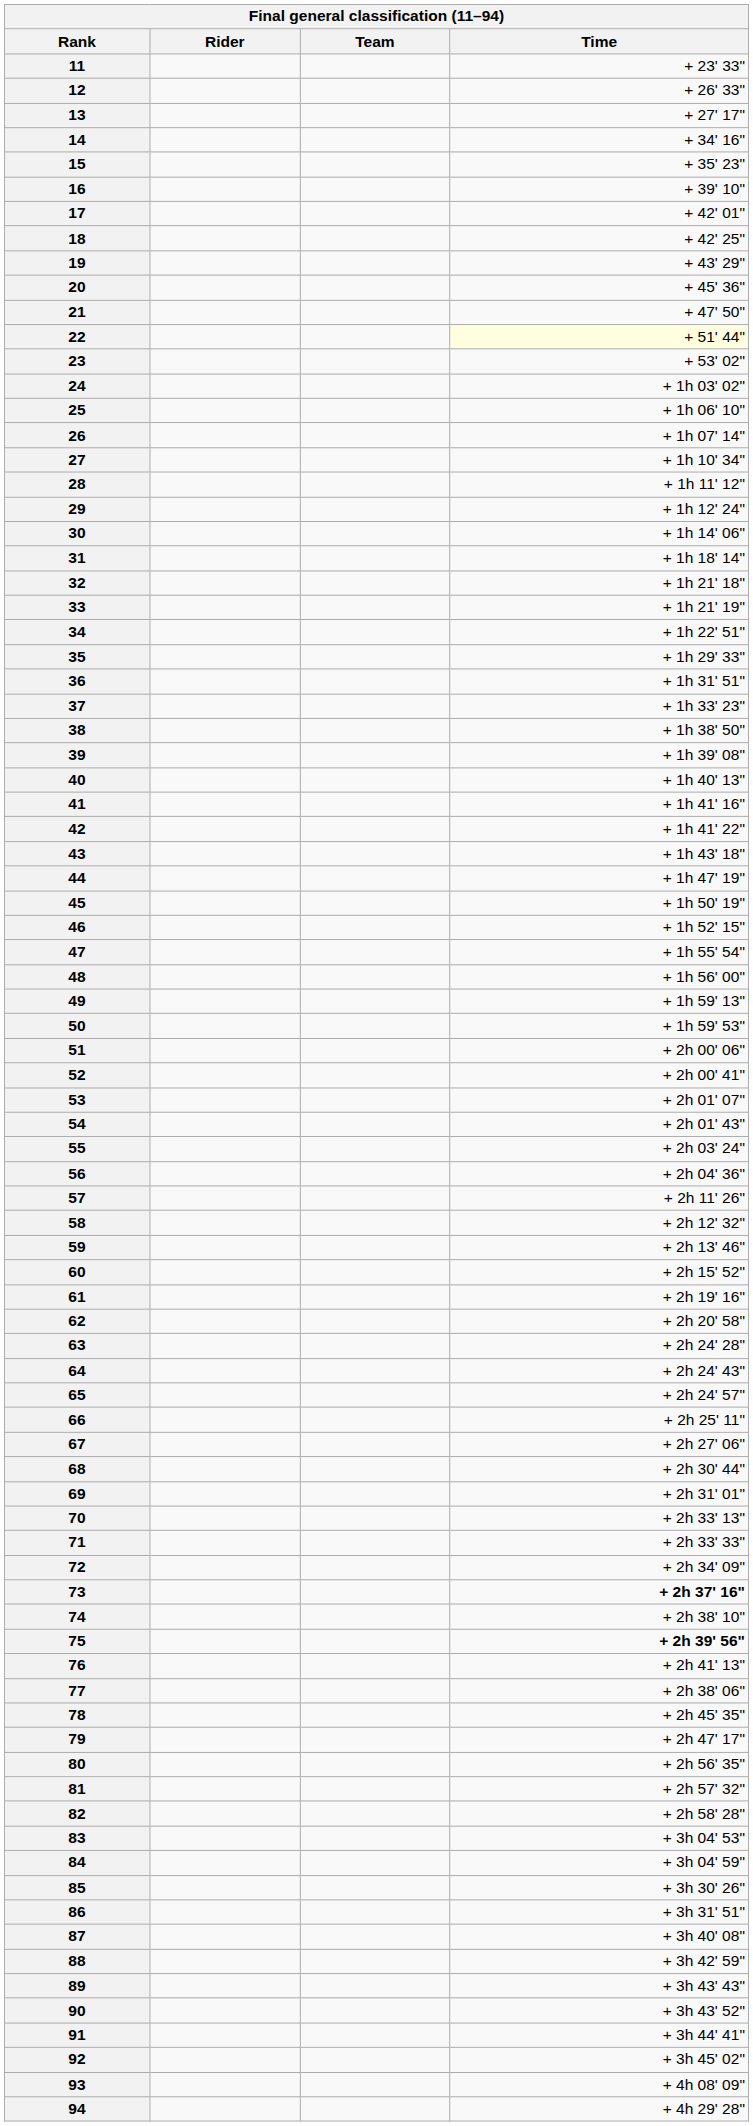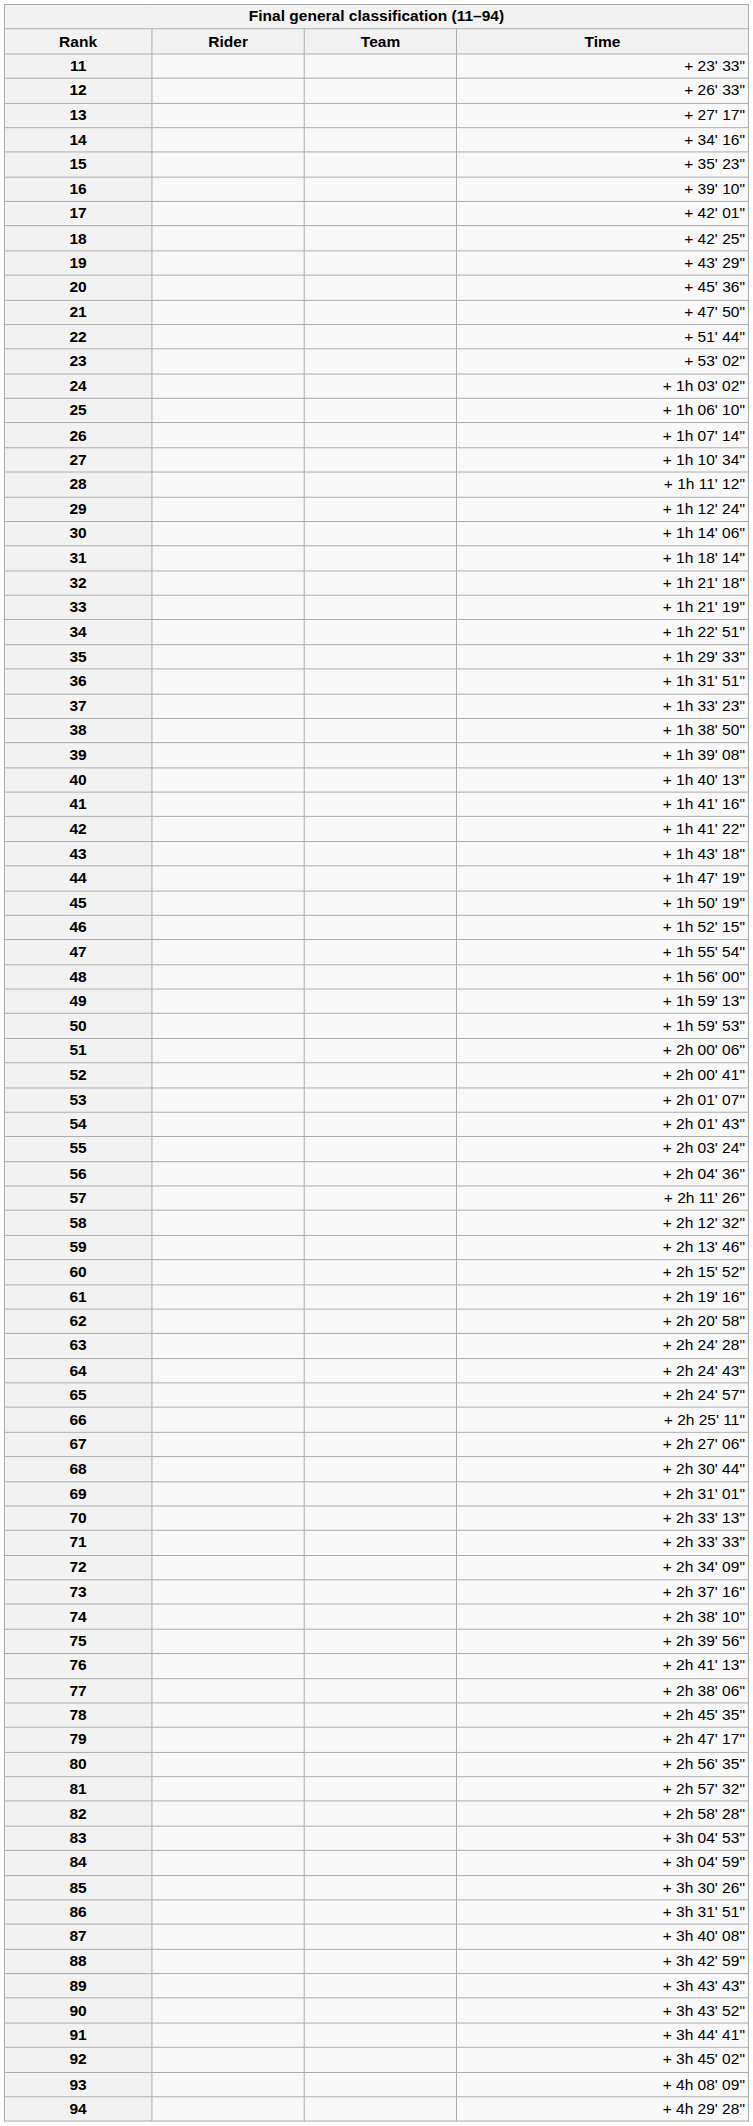 <table class="collapsible collapsed wikitable" style="width:48em;margin-top:-1px;">
 <tr>
 <th scope="col" colspan="4">Final general classification (11–94)</th>
 </tr>
 <tr>
 <th scope="col">Rank</th>
 <th scope="col">Rider</th>
 <th scope="col">Team</th>
 <th scope="col">Time</th>
 </tr>
 <tr>
 <th scope="row">11</th>
 <td></td>
 <td></td>
 <td style="text-align:right;">+ 23' 33"</td>
 </tr>
 <tr>
 <th scope="row">12</th>
 <td></td>
 <td></td>
 <td style="text-align:right;">+ 26' 33"</td>
 </tr>
 <tr>
 <th scope="row">13</th>
 <td></td>
 <td></td>
 <td style="text-align:right;">+ 27' 17"</td>
 </tr>
 <tr>
 <th scope="row">14</th>
 <td></td>
 <td></td>
 <td style="text-align:right;">+ 34' 16"</td>
 </tr>
 <tr>
 <th scope="row">15</th>
 <td></td>
 <td></td>
 <td style="text-align:right;">+ 35' 23"</td>
 </tr>
 <tr>
 <th scope="row">16</th>
 <td></td>
 <td></td>
 <td style="text-align:right;">+ 39' 10"</td>
 </tr>
 <tr>
 <th scope="row">17</th>
 <td></td>
 <td></td>
 <td style="text-align:right;">+ 42' 01"</td>
 </tr>
 <tr>
 <th scope="row">18</th>
 <td></td>
 <td></td>
 <td style="text-align:right;">+ 42' 25"</td>
 </tr>
 <tr>
 <th scope="row">19</th>
 <td></td>
 <td></td>
 <td style="text-align:right;">+ 43' 29"</td>
 </tr>
 <tr>
 <th scope="row">20</th>
 <td></td>
 <td></td>
 <td style="text-align:right;">+ 45' 36"</td>
 </tr>
 <tr>
 <th scope="row">21</th>
 <td></td>
 <td></td>
 <td style="text-align:right;">+ 47' 50"</td>
 </tr>
 <tr>
 <th scope="row">22</th>
 <td></td>
 <td></td>
-<td style="background: lightyellow; text-align:right;">+ 51' 44"</td>
+<td style="text-align:right;">+ 51' 44"</td>
 </tr>
 <tr>
 <th scope="row">23</th>
 <td></td>
 <td></td>
 <td style="text-align:right;">+ 53' 02"</td>
 </tr>
 <tr>
 <th scope="row">24</th>
 <td></td>
 <td></td>
 <td style="text-align:right;">+ 1h 03' 02"</td>
 </tr>
 <tr>
 <th scope="row">25</th>
 <td></td>
 <td></td>
 <td style="text-align:right;">+ 1h 06' 10"</td>
 </tr>
 <tr>
 <th scope="row">26</th>
 <td></td>
 <td></td>
 <td style="text-align:right;">+ 1h 07' 14"</td>
 </tr>
 <tr>
 <th scope="row">27</th>
 <td></td>
 <td></td>
 <td style="text-align:right;">+ 1h 10' 34"</td>
 </tr>
 <tr>
 <th scope="row">28</th>
 <td></td>
 <td></td>
 <td style="text-align:right;">+ 1h 11' 12"</td>
 </tr>
 <tr>
 <th scope="row">29</th>
 <td></td>
 <td></td>
 <td style="text-align:right;">+ 1h 12' 24"</td>
 </tr>
 <tr>
 <th scope="row">30</th>
 <td></td>
 <td></td>
 <td style="text-align:right;">+ 1h 14' 06"</td>
 </tr>
 <tr>
 <th scope="row">31</th>
 <td></td>
 <td></td>
 <td style="text-align:right;">+ 1h 18' 14"</td>
 </tr>
 <tr>
 <th scope="row">32</th>
 <td></td>
 <td></td>
 <td style="text-align:right;">+ 1h 21' 18"</td>
 </tr>
 <tr>
 <th scope="row">33</th>
 <td></td>
 <td></td>
 <td style="text-align:right;">+ 1h 21' 19"</td>
 </tr>
 <tr>
 <th scope="row">34</th>
 <td></td>
 <td></td>
 <td style="text-align:right;">+ 1h 22' 51"</td>
 </tr>
 <tr>
 <th scope="row">35</th>
 <td></td>
 <td></td>
 <td style="text-align:right;">+ 1h 29' 33"</td>
 </tr>
 <tr>
 <th scope="row">36</th>
 <td></td>
 <td></td>
 <td style="text-align:right;">+ 1h 31' 51"</td>
 </tr>
 <tr>
 <th scope="row">37</th>
 <td></td>
 <td></td>
 <td style="text-align:right;">+ 1h 33' 23"</td>
 </tr>
 <tr>
 <th scope="row">38</th>
 <td></td>
 <td></td>
 <td style="text-align:right;">+ 1h 38' 50"</td>
 </tr>
 <tr>
 <th scope="row">39</th>
 <td></td>
 <td></td>
 <td style="text-align:right;">+ 1h 39' 08"</td>
 </tr>
 <tr>
 <th scope="row">40</th>
 <td></td>
 <td></td>
 <td style="text-align:right;">+ 1h 40' 13"</td>
 </tr>
 <tr>
 <th scope="row">41</th>
 <td></td>
 <td></td>
 <td style="text-align:right;">+ 1h 41' 16"</td>
 </tr>
 <tr>
 <th scope="row">42</th>
 <td></td>
 <td></td>
 <td style="text-align:right;">+ 1h 41' 22"</td>
 </tr>
 <tr>
 <th scope="row">43</th>
 <td></td>
 <td></td>
 <td style="text-align:right;">+ 1h 43' 18"</td>
 </tr>
 <tr>
 <th scope="row">44</th>
 <td></td>
 <td></td>
 <td style="text-align:right;">+ 1h 47' 19"</td>
 </tr>
 <tr>
 <th scope="row">45</th>
 <td></td>
 <td></td>
 <td style="text-align:right;">+ 1h 50' 19"</td>
 </tr>
 <tr>
 <th scope="row">46</th>
 <td></td>
 <td></td>
 <td style="text-align:right;">+ 1h 52' 15"</td>
 </tr>
 <tr>
 <th scope="row">47</th>
 <td></td>
 <td></td>
 <td style="text-align:right;">+ 1h 55' 54"</td>
 </tr>
 <tr>
 <th scope="row">48</th>
 <td></td>
 <td></td>
 <td style="text-align:right;">+ 1h 56' 00"</td>
 </tr>
 <tr>
 <th scope="row">49</th>
 <td></td>
 <td></td>
 <td style="text-align:right;">+ 1h 59' 13"</td>
 </tr>
 <tr>
 <th scope="row">50</th>
 <td></td>
 <td></td>
 <td style="text-align:right;">+ 1h 59' 53"</td>
 </tr>
 <tr>
 <th scope="row">51</th>
 <td></td>
 <td></td>
 <td style="text-align:right;">+ 2h 00' 06"</td>
 </tr>
 <tr>
 <th scope="row">52</th>
 <td></td>
 <td></td>
 <td style="text-align:right;">+ 2h 00' 41"</td>
 </tr>
 <tr>
 <th scope="row">53</th>
 <td></td>
 <td></td>
 <td style="text-align:right;">+ 2h 01' 07"</td>
 </tr>
 <tr>
 <th scope="row">54</th>
 <td></td>
 <td></td>
 <td style="text-align:right;">+ 2h 01' 43"</td>
 </tr>
 <tr>
 <th scope="row">55</th>
 <td></td>
 <td></td>
 <td style="text-align:right;">+ 2h 03' 24"</td>
 </tr>
 <tr>
 <th scope="row">56</th>
 <td></td>
 <td></td>
 <td style="text-align:right;">+ 2h 04' 36"</td>
 </tr>
 <tr>
 <th scope="row">57</th>
 <td></td>
 <td></td>
 <td style="text-align:right;">+ 2h 11' 26"</td>
 </tr>
 <tr>
 <th scope="row">58</th>
 <td></td>
 <td></td>
 <td style="text-align:right;">+ 2h 12' 32"</td>
 </tr>
 <tr>
 <th scope="row">59</th>
 <td></td>
 <td></td>
 <td style="text-align:right;">+ 2h 13' 46"</td>
 </tr>
 <tr>
 <th scope="row">60</th>
 <td></td>
 <td></td>
 <td style="text-align:right;">+ 2h 15' 52"</td>
 </tr>
 <tr>
 <th scope="row">61</th>
 <td></td>
 <td></td>
 <td style="text-align:right;">+ 2h 19' 16"</td>
 </tr>
 <tr>
 <th scope="row">62</th>
 <td></td>
 <td></td>
 <td style="text-align:right;">+ 2h 20' 58"</td>
 </tr>
 <tr>
 <th scope="row">63</th>
 <td></td>
 <td></td>
 <td style="text-align:right;">+ 2h 24' 28"</td>
 </tr>
 <tr>
 <th scope="row">64</th>
 <td></td>
 <td></td>
 <td style="text-align:right;">+ 2h 24' 43"</td>
 </tr>
 <tr>
 <th scope="row">65</th>
 <td></td>
 <td></td>
 <td style="text-align:right;">+ 2h 24' 57"</td>
 </tr>
 <tr>
 <th scope="row">66</th>
 <td></td>
 <td></td>
 <td style="text-align:right;">+ 2h 25' 11"</td>
 </tr>
 <tr>
 <th scope="row">67</th>
 <td></td>
 <td></td>
 <td style="text-align:right;">+ 2h 27' 06"</td>
 </tr>
 <tr>
 <th scope="row">68</th>
 <td></td>
 <td></td>
 <td style="text-align:right;">+ 2h 30' 44"</td>
 </tr>
 <tr>
 <th scope="row">69</th>
 <td></td>
 <td></td>
 <td style="text-align:right;">+ 2h 31' 01"</td>
 </tr>
 <tr>
 <th scope="row">70</th>
 <td></td>
 <td></td>
 <td style="text-align:right;">+ 2h 33' 13"</td>
 </tr>
 <tr>
 <th scope="row">71</th>
 <td></td>
 <td></td>
 <td style="text-align:right;">+ 2h 33' 33"</td>
 </tr>
 <tr>
 <th scope="row">72</th>
 <td></td>
 <td></td>
 <td style="text-align:right;">+ 2h 34' 09"</td>
 </tr>
 <tr>
 <th scope="row">73</th>
 <td></td>
 <td></td>
-<td style="text-align:right;"><strong>+ 2h 37' 16"</strong></td>
+<td style="text-align:right;">+ 2h 37' 16"</td>
 </tr>
 <tr>
 <th scope="row">74</th>
 <td></td>
 <td></td>
 <td style="text-align:right;">+ 2h 38' 10"</td>
 </tr>
 <tr>
 <th scope="row">75</th>
 <td></td>
 <td></td>
-<td style="text-align:right;"><strong>+ 2h 39' 56"</strong></td>
+<td style="text-align:right;">+ 2h 39' 56"</td>
 </tr>
 <tr>
 <th scope="row">76</th>
 <td></td>
 <td></td>
 <td style="text-align:right;">+ 2h 41' 13"</td>
 </tr>
 <tr>
 <th scope="row">77</th>
 <td></td>
 <td></td>
 <td style="text-align:right;">+ 2h 38' 06"</td>
 </tr>
 <tr>
 <th scope="row">78</th>
 <td></td>
 <td></td>
 <td style="text-align:right;">+ 2h 45' 35"</td>
 </tr>
 <tr>
 <th scope="row">79</th>
 <td></td>
 <td></td>
 <td style="text-align:right;">+ 2h 47' 17"</td>
 </tr>
 <tr>
 <th scope="row">80</th>
 <td></td>
 <td></td>
 <td style="text-align:right;">+ 2h 56' 35"</td>
 </tr>
 <tr>
 <th scope="row">81</th>
 <td></td>
 <td></td>
 <td style="text-align:right;">+ 2h 57' 32"</td>
 </tr>
 <tr>
 <th scope="row">82</th>
 <td></td>
 <td></td>
 <td style="text-align:right;">+ 2h 58' 28"</td>
 </tr>
 <tr>
 <th scope="row">83</th>
 <td></td>
 <td></td>
 <td style="text-align:right;">+ 3h 04' 53"</td>
 </tr>
 <tr>
 <th scope="row">84</th>
 <td></td>
 <td></td>
 <td style="text-align:right;">+ 3h 04' 59"</td>
 </tr>
 <tr>
 <th scope="row">85</th>
 <td></td>
 <td></td>
 <td style="text-align:right;">+ 3h 30' 26"</td>
 </tr>
 <tr>
 <th scope="row">86</th>
 <td></td>
 <td></td>
 <td style="text-align:right;">+ 3h 31' 51"</td>
 </tr>
 <tr>
 <th scope="row">87</th>
 <td></td>
 <td></td>
 <td style="text-align:right;">+ 3h 40' 08"</td>
 </tr>
 <tr>
 <th scope="row">88</th>
 <td></td>
 <td></td>
 <td style="text-align:right;">+ 3h 42' 59"</td>
 </tr>
 <tr>
 <th scope="row">89</th>
 <td></td>
 <td></td>
 <td style="text-align:right;">+ 3h 43' 43"</td>
 </tr>
 <tr>
 <th scope="row">90</th>
 <td></td>
 <td></td>
 <td style="text-align:right;">+ 3h 43' 52"</td>
 </tr>
 <tr>
 <th scope="row">91</th>
 <td></td>
 <td></td>
 <td style="text-align:right;">+ 3h 44' 41"</td>
 </tr>
 <tr>
 <th scope="row">92</th>
 <td></td>
 <td></td>
 <td style="text-align:right;">+ 3h 45' 02"</td>
 </tr>
 <tr>
 <th scope="row">93</th>
 <td></td>
 <td></td>
 <td style="text-align:right;">+ 4h 08' 09"</td>
 </tr>
 <tr>
 <th scope="row">94</th>
 <td></td>
 <td></td>
 <td style="text-align:right;">+ 4h 29' 28"</td>
 </tr>
 </table>
